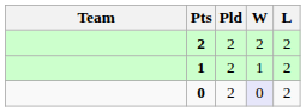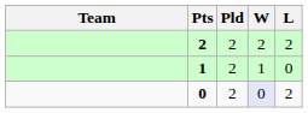 <table class=wikitable style="text-align:center">
 <tr>
 <th width=175>Team</th>
 <th width=20>Pts</th>
 <th width=20>Pld</th>
 <th width=20>W</th>
 <th width=20>L</th>
 </tr>
 <tr bgcolor="#ccffcc">
 <td style="text-align:left"></td>
 <td><strong>2</strong></td>
 <td>2</td>
 <td>2</td>
 <td>2</td>
 </tr>
 <tr bgcolor="#ccffcc">
 <td style="text-align:left"></td>
 <td><strong>1</strong></td>
 <td>2</td>
 <td>1</td>
-<td>2</td>
+<td>0</td>
 </tr>
 <tr>
 <td style="text-align:left"></td>
 <td><strong>0</strong></td>
 <td>2</td>
 <td style="background: lavender;">0</td>
 <td>2</td>
 </tr>
 </table>
